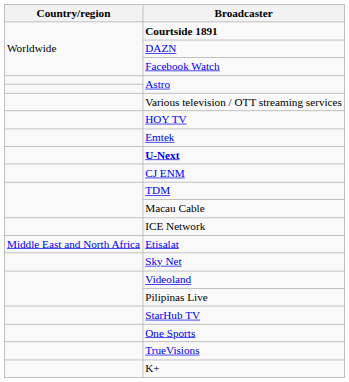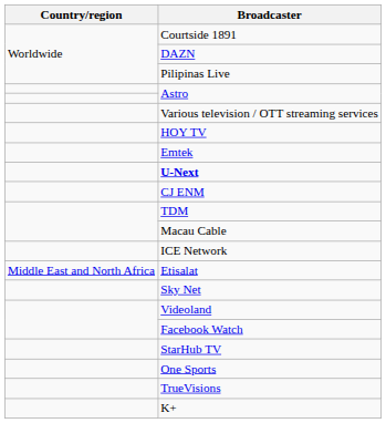 <table class="wikitable">
 <tr>
 <th>Country/region</th>
 <th>Broadcaster</th>
 </tr>
 <tr>
 <td rowspan="3">Worldwide</td>
-<td><strong>Courtside 1891</strong></td>
+<td>Courtside 1891</td>
 </tr>
 <tr>
 <td><a href='#'>DAZN</a></td>
 </tr>
 <tr>
-<td><a href='#'>Facebook Watch</a></td>
+<td>Pilipinas Live</td>
 </tr>
 <tr>
 <td></td>
 <td rowspan="2"><a href='#'>Astro</a></td>
 </tr>
 <tr>
 <td></td>
 </tr>
 <tr>
 <td></td>
 <td>Various television / OTT streaming services</td>
 </tr>
 <tr>
 <td></td>
 <td><a href='#'>HOY TV</a></td>
 </tr>
 <tr>
 <td></td>
 <td><a href='#'>Emtek</a></td>
 </tr>
 <tr>
 <td></td>
 <td><strong><a href='#'>U-Next</a></strong></td>
 </tr>
 <tr>
 <td></td>
 <td><a href='#'>CJ ENM</a></td>
 </tr>
 <tr>
 <td rowspan="2"></td>
 <td><a href='#'>TDM</a></td>
 </tr>
 <tr>
 <td>Macau Cable</td>
 </tr>
 <tr>
 <td></td>
 <td>ICE Network</td>
 </tr>
 <tr>
 <td><a href='#'>Middle East and North Africa</a></td>
 <td><a href='#'>Etisalat</a></td>
 </tr>
 <tr>
 <td></td>
 <td><a href='#'>Sky Net</a></td>
 </tr>
 <tr>
 <td rowspan="2"></td>
 <td><a href='#'>Videoland</a></td>
 </tr>
 <tr>
-<td>Pilipinas Live</td>
+<td><a href='#'>Facebook Watch</a></td>
 </tr>
 <tr>
 <td></td>
 <td><a href='#'>StarHub TV</a></td>
 </tr>
 <tr>
 <td></td>
 <td><a href='#'>One Sports</a></td>
 </tr>
 <tr>
 <td></td>
 <td><a href='#'>TrueVisions</a></td>
 </tr>
 <tr>
 <td></td>
 <td>K+</td>
 </tr>
 </table>
